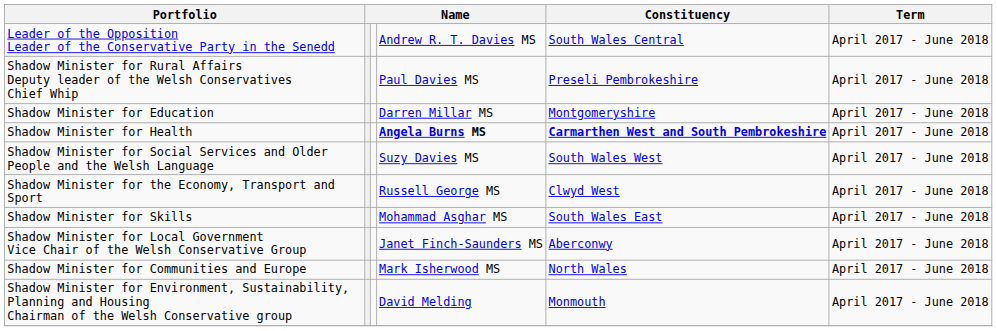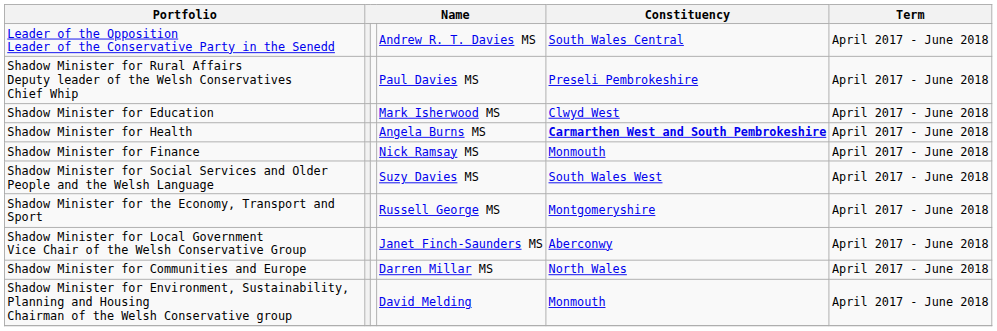 <table class="wikitable">
 <tr>
 <th style="width: 390px">Portfolio</th>
 <th colspan="3">Name</th>
 <th>Constituency</th>
 <th>Term</th>
 </tr>
 <tr>
 <td><a href='#'>Leader of the Opposition</a><br><a href='#'>Leader of the Conservative Party in the Senedd</a></td>
 <th style="background-color: "></th>
 <td></td>
 <td><a href='#'>Andrew R. T. Davies</a> MS</td>
 <td><a href='#'>South Wales Central</a></td>
 <td>April 2017 - June 2018</td>
 </tr>
 <tr>
 <td>Shadow Minister for Rural Affairs <br>Deputy leader of the Welsh Conservatives<br>Chief Whip</td>
 <th style="background-color: "></th>
 <td></td>
 <td><a href='#'>Paul Davies</a> MS</td>
 <td><a href='#'>Preseli Pembrokeshire</a></td>
 <td>April 2017 - June 2018</td>
 </tr>
 <tr>
 <td>Shadow Minister for Education</td>
 <th style="background-color: "></th>
 <td></td>
-<td><a href='#'>Darren Millar</a> MS</td>
-<td><a href='#'>Montgomeryshire</a></td>
+<td><a href='#'>Mark Isherwood</a> MS</td>
+<td><a href='#'>Clwyd West</a></td>
 <td>April 2017 - June 2018</td>
 </tr>
 <tr>
 <td>Shadow Minister for Health</td>
 <th style="background-color: "></th>
 <td></td>
-<td><strong><a href='#'>Angela Burns</a> MS</strong></td>
+<td><a href='#'>Angela Burns</a> MS</td>
 <td><strong><a href='#'>Carmarthen West and South Pembrokeshire</a></strong></td>
+<td>April 2017 - June 2018</td>
+</tr>
+<tr>
+<td>Shadow Minister for Finance</td>
+<th style="background-color: "></th>
+<td></td>
+<td><a href='#'>Nick Ramsay</a> MS</td>
+<td><a href='#'>Monmouth</a></td>
 <td>April 2017 - June 2018</td>
 </tr>
 <tr>
 <td>Shadow Minister for Social Services and Older People and the Welsh Language</td>
 <th style="background-color: "></th>
 <td></td>
 <td><a href='#'>Suzy Davies</a> MS</td>
 <td><a href='#'>South Wales West</a></td>
 <td>April 2017 - June 2018</td>
 </tr>
 <tr>
 <td>Shadow Minister for the Economy, Transport and Sport</td>
 <th style="background-color: "></th>
 <td></td>
 <td><a href='#'>Russell George</a> MS</td>
-<td><a href='#'>Clwyd West</a></td>
-<td>April 2017 - June 2018</td>
-</tr>
-<tr>
-<td>Shadow Minister for Skills</td>
-<th style="background-color: "></th>
-<td></td>
-<td><a href='#'>Mohammad Asghar</a> MS</td>
-<td><a href='#'>South Wales East</a></td>
+<td><a href='#'>Montgomeryshire</a></td>
 <td>April 2017 - June 2018</td>
 </tr>
 <tr>
 <td>Shadow Minister for Local Government<br>Vice Chair of the Welsh Conservative Group</td>
 <th style="background-color: "></th>
 <td></td>
 <td><a href='#'>Janet Finch-Saunders</a> MS</td>
 <td><a href='#'>Aberconwy</a></td>
 <td>April 2017 - June 2018</td>
 </tr>
 <tr>
 <td>Shadow Minister for Communities and Europe</td>
 <th style="background-color: "></th>
 <td></td>
-<td><a href='#'>Mark Isherwood</a> MS</td>
+<td><a href='#'>Darren Millar</a> MS</td>
 <td><a href='#'>North Wales</a></td>
 <td>April 2017 - June 2018</td>
 </tr>
 <tr>
 <td>Shadow Minister for Environment, Sustainability, Planning and Housing <br>Chairman of the Welsh Conservative group</td>
 <th style="background-color: "></th>
 <td></td>
 <td><a href='#'>David Melding</a></td>
 <td><a href='#'>Monmouth</a></td>
 <td>April 2017 - June 2018</td>
 </tr>
 <tr>
 </tr>
 </table>
